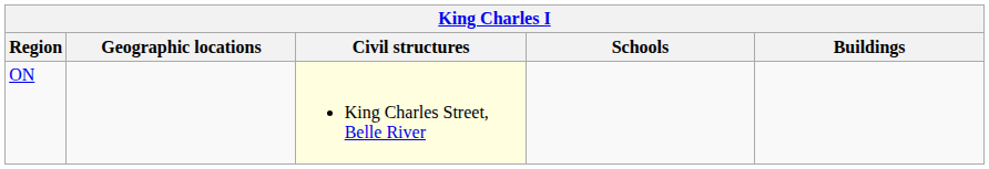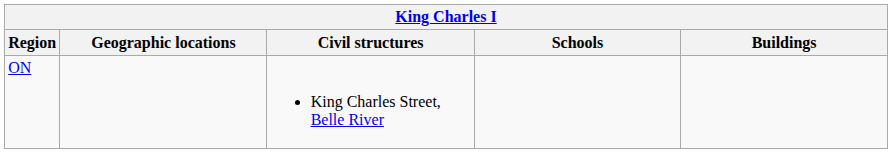 <table class="wikitable" width="100%">
 <tr>
 <th colspan="5"> <a href='#'>King Charles I</a></th>
 </tr>
 <tr>
 <th width="5%">Region</th>
 <th width="23.75%">Geographic locations</th>
 <th width="23.75%">Civil structures</th>
 <th width="23.75%">Schools</th>
 <th width="23.75%">Buildings</th>
 </tr>
 <tr>
 <td align=left valign=top> <a href='#'>ON</a></td>
 <td></td>
-<td align=left valign=top style="background: lightyellow;"><br><ul><li>King Charles Street, <a href='#'>Belle River</a></li></ul></td>
+<td align=left valign=top><br><ul><li>King Charles Street, <a href='#'>Belle River</a></li></ul></td>
 <td></td>
 <td></td>
 </tr>
 </table>
